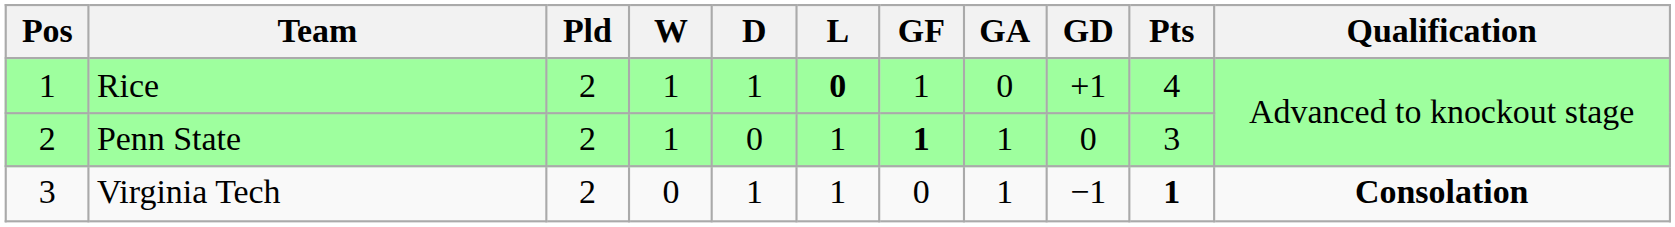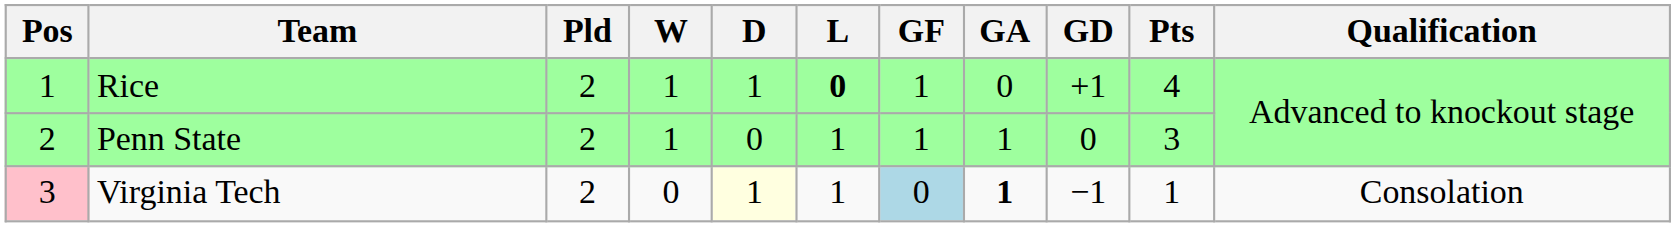 <table class="wikitable" style="text-align:center; margin: 1em auto">
 <tr>
 <th style="width:2em">Pos</th>
 <th style="width:13em">Team</th>
 <th style="width:2em">Pld</th>
 <th style="width:2em">W</th>
 <th style="width:2em">D</th>
 <th style="width:2em">L</th>
 <th style="width:2em">GF</th>
 <th style="width:2em">GA</th>
 <th style="width:2em">GD</th>
 <th style="width:2em">Pts</th>
 <th style="width:13em">Qualification</th>
 </tr>
 <tr bgcolor="#9eff9e">
 <td>1</td>
 <td style="text-align:left">Rice</td>
 <td>2</td>
 <td>1</td>
 <td>1</td>
 <td><strong>0</strong></td>
 <td>1</td>
 <td>0</td>
 <td>+1</td>
 <td>4</td>
 <td rowspan="2">Advanced to knockout stage</td>
 </tr>
 <tr bgcolor="#9eff9e">
 <td>2</td>
 <td style="text-align:left">Penn State</td>
 <td>2</td>
 <td>1</td>
 <td>0</td>
 <td>1</td>
-<td><strong>1</strong></td>
+<td>1</td>
 <td>1</td>
 <td>0</td>
 <td>3</td>
 </tr>
 <tr>
-<td>3</td>
+<td style="background: pink;">3</td>
 <td style="text-align:left">Virginia Tech</td>
 <td>2</td>
 <td>0</td>
+<td style="background: lightyellow;">1</td>
 <td>1</td>
+<td style="background: lightblue;">0</td>
+<td><strong>1</strong></td>
+<td>−1</td>
 <td>1</td>
-<td>0</td>
-<td>1</td>
-<td>−1</td>
-<td><strong>1</strong></td>
-<td><strong>Consolation</strong></td>
+<td>Consolation</td>
 </tr>
 </table>
